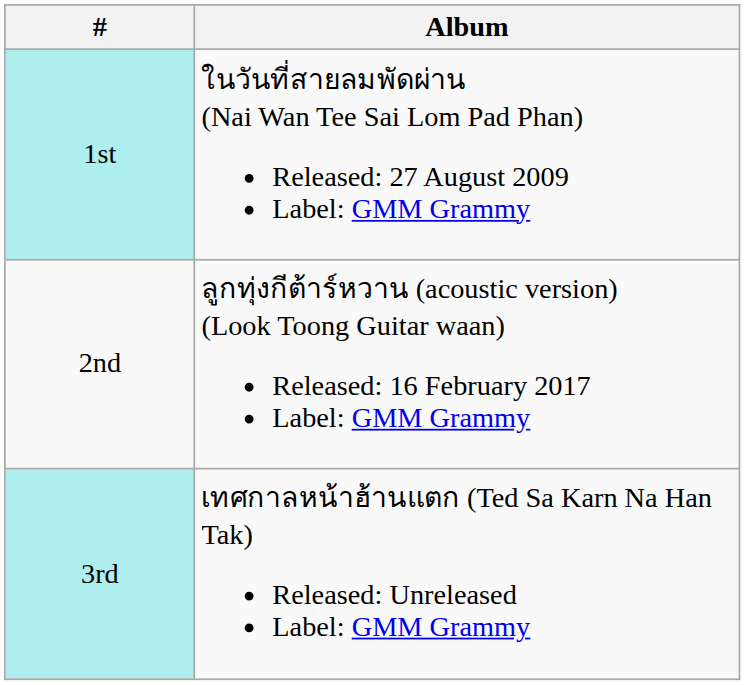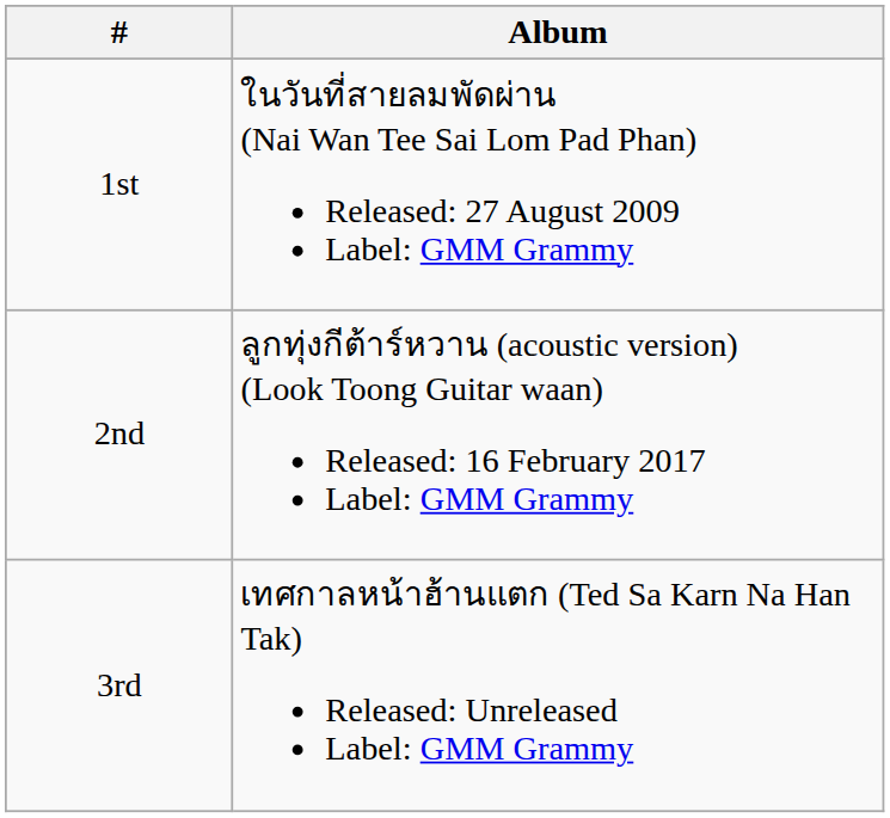 <table class="wikitable">
 <tr>
 <th width="100">#</th>
 <th width="300">Album</th>
 </tr>
 <tr>
-<td style="background: paleturquoise; text-align:center;">1st</td>
+<td style="text-align:center;">1st</td>
 <td>ในวันที่สายลมพัดผ่าน<br>(Nai Wan Tee Sai Lom Pad Phan)<ul><li>Released: 27 August 2009</li><li>Label: <a href='#'>GMM Grammy</a></li></ul></td>
 </tr>
 <tr>
 <td style="text-align:center;">2nd</td>
 <td>ลูกทุ่งกีต้าร์หวาน (acoustic version)<br>(Look Toong Guitar waan)<ul><li>Released: 16 February 2017</li><li>Label: <a href='#'>GMM Grammy</a></li></ul></td>
 </tr>
 <tr>
-<td style="background: paleturquoise; text-align:center;">3rd</td>
+<td style="text-align:center;">3rd</td>
 <td>เทศกาลหน้าฮ้านแตก (Ted Sa Karn Na Han Tak)<br><ul><li>Released: Unreleased</li><li>Label: <a href='#'>GMM Grammy</a></li></ul></td>
 </tr>
 </table>
